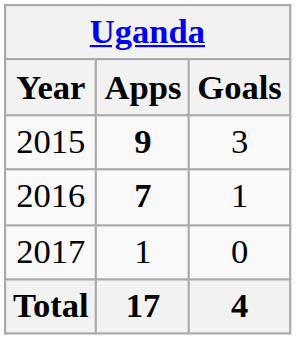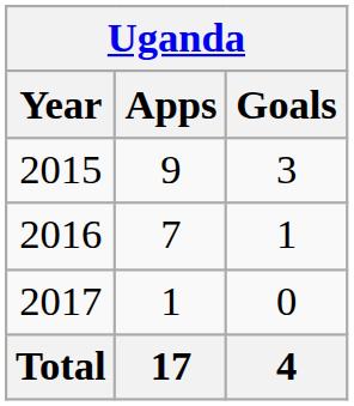 <table class="wikitable" style="text-align:center">
 <tr>
 <th colspan="3"><a href='#'>Uganda</a></th>
 </tr>
 <tr>
 <th>Year</th>
 <th>Apps</th>
 <th>Goals</th>
 </tr>
 <tr>
 <td>2015</td>
-<td><strong>9</strong></td>
+<td>9</td>
 <td>3</td>
 </tr>
 <tr>
 <td>2016</td>
-<td><strong>7</strong></td>
+<td>7</td>
 <td>1</td>
 </tr>
 <tr>
 <td>2017</td>
 <td>1</td>
 <td>0</td>
 </tr>
 <tr>
 <th>Total</th>
 <th>17</th>
 <th>4</th>
 </tr>
 </table>
